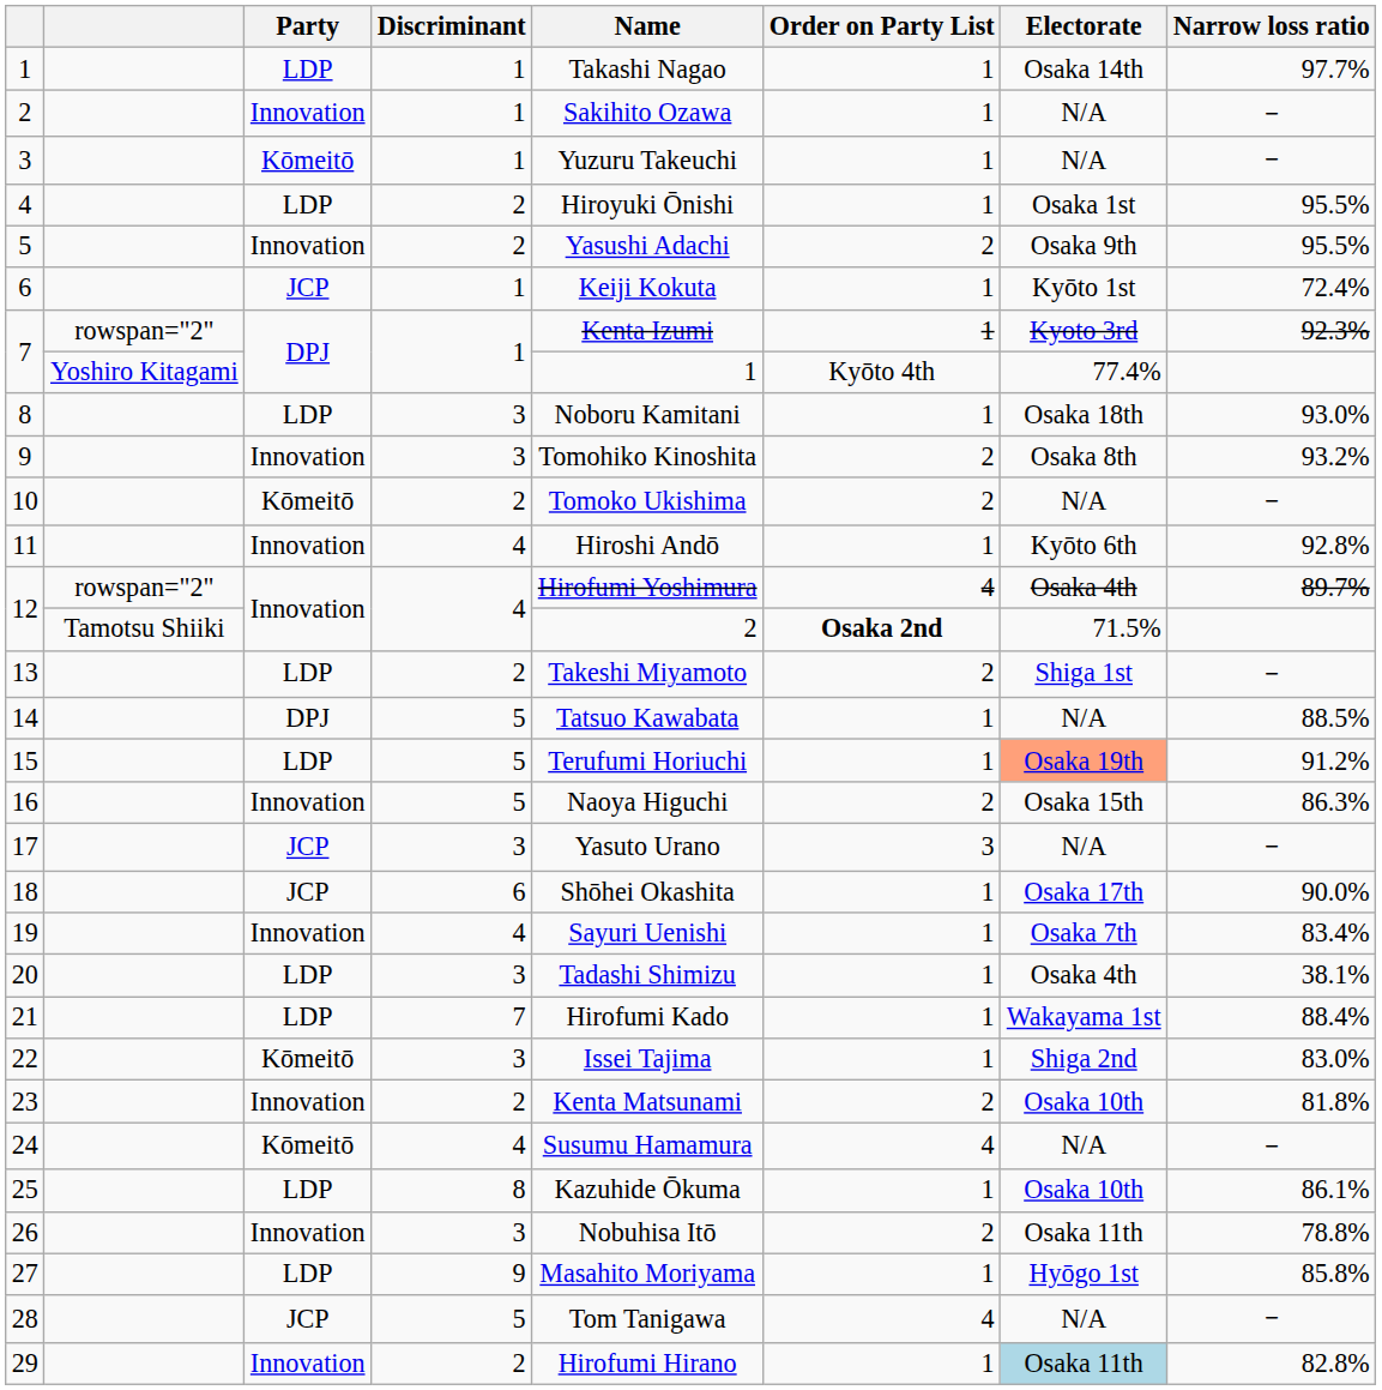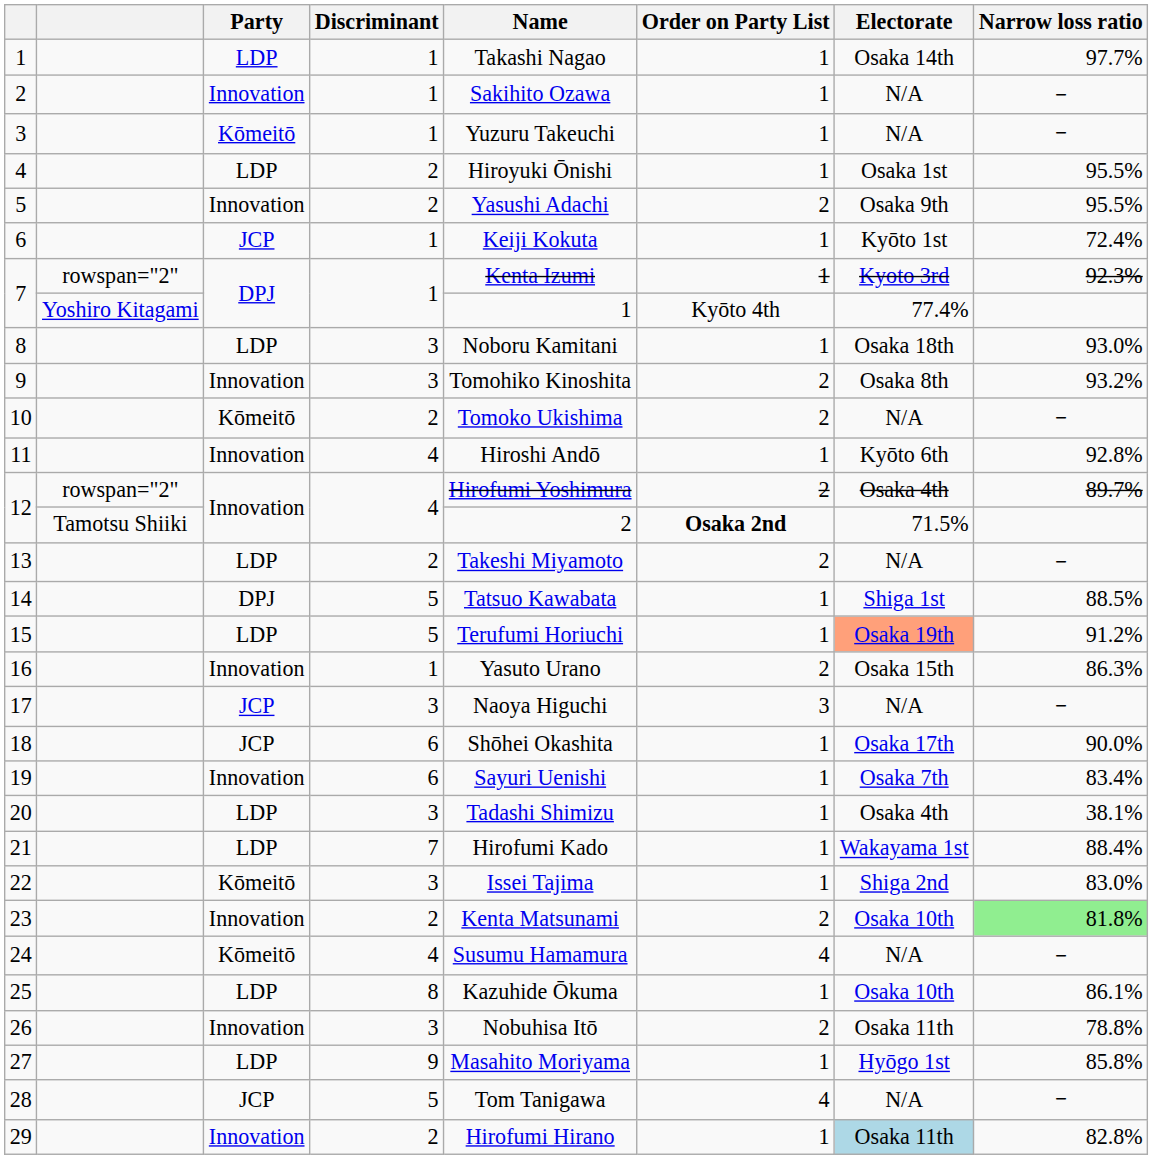 <table class="wikitable sortable" style="text-align:center;">
 <tr>
 <th></th>
 <th></th>
 <th>Party</th>
 <th>Discriminant</th>
 <th>Name</th>
 <th>Order on Party List</th>
 <th>Electorate</th>
 <th>Narrow loss ratio</th>
 </tr>
 <tr>
 <td>1</td>
 <td></td>
 <td><a href='#'>LDP</a></td>
 <td style="text-align: right;">1</td>
 <td>Takashi Nagao</td>
 <td style="text-align: right;">1</td>
 <td>Osaka 14th</td>
 <td style="text-align: right;">97.7%</td>
 </tr>
 <tr>
 <td>2</td>
 <td></td>
 <td><a href='#'>Innovation</a></td>
 <td style="text-align: right;">1</td>
 <td><a href='#'>Sakihito Ozawa</a></td>
 <td style="text-align: right;">1</td>
 <td>N/A</td>
 <td>－</td>
 </tr>
 <tr>
 <td>3</td>
 <td></td>
 <td><a href='#'>Kōmeitō</a></td>
 <td style="text-align: right;">1</td>
 <td>Yuzuru Takeuchi</td>
 <td style="text-align: right;">1</td>
 <td>N/A</td>
 <td>－</td>
 </tr>
 <tr>
 <td>4</td>
 <td></td>
 <td>LDP</td>
 <td style="text-align: right;">2</td>
 <td>Hiroyuki Ōnishi</td>
 <td style="text-align: right;">1</td>
 <td>Osaka 1st</td>
 <td style="text-align: Right;">95.5%</td>
 </tr>
 <tr>
 <td>5</td>
 <td></td>
 <td>Innovation</td>
 <td style="text-align: right;">2</td>
 <td><a href='#'>Yasushi Adachi</a></td>
 <td style="text-align: right;">2</td>
 <td>Osaka 9th</td>
 <td style="text-align: right;">95.5%</td>
 </tr>
 <tr>
 <td>6</td>
 <td></td>
 <td><a href='#'>JCP</a></td>
 <td style="text-align: right;">1</td>
 <td><a href='#'>Keiji Kokuta</a></td>
 <td style="text-align: right;">1</td>
 <td>Kyōto 1st</td>
 <td style="text-align: right;">72.4%</td>
 </tr>
 <tr>
 <td rowspan="2">7</td>
 <td>rowspan="2" </td>
 <td rowspan="2"><a href='#'>DPJ</a></td>
 <td rowspan="2" style="text-align: right;">1</td>
 <td><del><a href='#'>Kenta Izumi</a></del></td>
 <td style="text-align: right;"><del>1</del></td>
 <td><del><a href='#'>Kyoto 3rd</a></del></td>
 <td style="text-align: right;"><del>92.3%</del></td>
 </tr>
 <tr>
 <td><a href='#'>Yoshiro Kitagami</a></td>
 <td style="text-align: right;">1</td>
 <td>Kyōto 4th</td>
 <td style="text-align: right;">77.4%</td>
 </tr>
 <tr>
 <td>8</td>
 <td></td>
 <td>LDP</td>
 <td style="text-align: right;">3</td>
 <td>Noboru Kamitani</td>
 <td style="text-align: right;">1</td>
 <td>Osaka 18th</td>
 <td style="text-align: right;">93.0%</td>
 </tr>
 <tr>
 <td>9</td>
 <td></td>
 <td>Innovation</td>
 <td style="text-align: right;">3</td>
 <td>Tomohiko Kinoshita</td>
 <td style="text-align: right;">2</td>
 <td>Osaka 8th</td>
 <td style="text-align: right;">93.2%</td>
 </tr>
 <tr>
 <td>10</td>
 <td></td>
 <td>Kōmeitō</td>
 <td style="text-align: right;">2</td>
 <td><a href='#'>Tomoko Ukishima</a></td>
 <td style="text-align: right;">2</td>
 <td>N/A</td>
 <td>－</td>
 </tr>
 <tr>
 <td>11</td>
 <td></td>
 <td>Innovation</td>
 <td style="text-align: right;">4</td>
 <td>Hiroshi Andō</td>
 <td style="text-align: right;">1</td>
 <td>Kyōto 6th</td>
 <td style="text-align: right;">92.8%</td>
 </tr>
 <tr>
 <td rowspan="2">12</td>
 <td>rowspan="2" </td>
 <td rowspan="2">Innovation</td>
 <td rowspan="2" style="text-align: right;">4</td>
 <td><del><a href='#'>Hirofumi Yoshimura</a></del></td>
-<td style="text-align: right;"><del>4</del></td>
+<td style="text-align: right;"><del>2</del></td>
 <td><del>Osaka 4th</del></td>
 <td style="text-align: Right;"><del>89.7%</del></td>
 </tr>
 <tr>
 <td>Tamotsu Shiiki</td>
 <td style="text-align: right;">2</td>
 <td><strong>Osaka 2nd</strong></td>
 <td style="text-align: right;">71.5%</td>
 </tr>
 <tr>
 <td>13</td>
 <td></td>
 <td>LDP</td>
 <td style="text-align: right;">2</td>
 <td><a href='#'>Takeshi Miyamoto</a></td>
 <td style="text-align: right;">2</td>
-<td><a href='#'>Shiga 1st</a></td>
+<td>N/A</td>
 <td>－</td>
 </tr>
 <tr>
 <td>14</td>
 <td></td>
 <td>DPJ</td>
 <td style="text-align: right;">5</td>
 <td><a href='#'>Tatsuo Kawabata</a></td>
 <td style="text-align: right;">1</td>
-<td>N/A</td>
+<td><a href='#'>Shiga 1st</a></td>
 <td style="text-align: right;">88.5%</td>
 </tr>
 <tr>
 <td>15</td>
 <td></td>
 <td>LDP</td>
 <td style="text-align: right;">5</td>
 <td><a href='#'>Terufumi Horiuchi</a></td>
 <td style="text-align: right;">1</td>
 <td style="background: lightsalmon;"><a href='#'>Osaka 19th</a></td>
 <td style="text-align: right;">91.2%</td>
 </tr>
 <tr>
 <td>16</td>
 <td></td>
 <td>Innovation</td>
-<td style="text-align: right;">5</td>
-<td>Naoya Higuchi</td>
+<td style="text-align: right;">1</td>
+<td>Yasuto Urano</td>
 <td style="text-align: right;">2</td>
 <td>Osaka 15th</td>
 <td style="text-align: right;">86.3%</td>
 </tr>
 <tr>
 <td>17</td>
 <td></td>
 <td><a href='#'>JCP</a></td>
 <td style="text-align: right;">3</td>
-<td>Yasuto Urano</td>
+<td>Naoya Higuchi</td>
 <td style="text-align: right;">3</td>
 <td>N/A</td>
 <td>－</td>
 </tr>
 <tr>
 <td>18</td>
 <td></td>
 <td>JCP</td>
 <td style="text-align: right;">6</td>
 <td>Shōhei Okashita</td>
 <td style="text-align: right;">1</td>
 <td><a href='#'>Osaka 17th</a></td>
 <td style="text-align: right;">90.0%</td>
 </tr>
 <tr>
 <td>19</td>
 <td></td>
 <td>Innovation</td>
-<td style="text-align: right;">4</td>
+<td style="text-align: right;">6</td>
 <td><a href='#'>Sayuri Uenishi</a></td>
 <td style="text-align: right;">1</td>
 <td><a href='#'>Osaka 7th</a></td>
 <td style="text-align: right;">83.4%</td>
 </tr>
 <tr>
 <td>20</td>
 <td></td>
 <td>LDP</td>
 <td style="text-align: right;">3</td>
 <td><a href='#'>Tadashi Shimizu</a></td>
 <td style="text-align: right;">1</td>
 <td>Osaka 4th</td>
 <td style="text-align: Right;">38.1%</td>
 </tr>
 <tr>
 <td>21</td>
 <td></td>
 <td>LDP</td>
 <td style="text-align: right;">7</td>
 <td>Hirofumi Kado</td>
 <td style="text-align: right;">1</td>
 <td><a href='#'>Wakayama 1st</a></td>
 <td style="text-align: right;">88.4%</td>
 </tr>
 <tr>
 <td>22</td>
 <td></td>
 <td>Kōmeitō</td>
 <td style="text-align: right;">3</td>
 <td><a href='#'>Issei Tajima</a></td>
 <td style="text-align: right;">1</td>
 <td><a href='#'>Shiga 2nd</a></td>
 <td style="text-align: right;">83.0%</td>
 </tr>
 <tr>
 <td>23</td>
 <td></td>
 <td>Innovation</td>
 <td style="text-align: right;">2</td>
 <td><a href='#'>Kenta Matsunami</a></td>
 <td style="text-align: right;">2</td>
 <td><a href='#'>Osaka 10th</a></td>
-<td style="text-align: right;">81.8%</td>
+<td style="background: lightgreen; text-align: right;">81.8%</td>
 </tr>
 <tr>
 <td>24</td>
 <td></td>
 <td>Kōmeitō</td>
 <td style="text-align: right;">4</td>
 <td><a href='#'>Susumu Hamamura</a></td>
 <td style="text-align: right;">4</td>
 <td>N/A</td>
 <td>－</td>
 </tr>
 <tr>
 <td>25</td>
 <td></td>
 <td>LDP</td>
 <td style="text-align: right;">8</td>
 <td>Kazuhide Ōkuma</td>
 <td style="text-align: right;">1</td>
 <td><a href='#'>Osaka 10th</a></td>
 <td style="text-align: right;">86.1%</td>
 </tr>
 <tr>
 <td>26</td>
 <td></td>
 <td>Innovation</td>
 <td style="text-align: right;">3</td>
 <td>Nobuhisa Itō</td>
 <td style="text-align: right;">2</td>
 <td>Osaka 11th</td>
 <td style="text-align: right;">78.8%</td>
 </tr>
 <tr>
 <td>27</td>
 <td></td>
 <td>LDP</td>
 <td style="text-align: right;">9</td>
 <td><a href='#'>Masahito Moriyama</a></td>
 <td style="text-align: right;">1</td>
 <td><a href='#'>Hyōgo 1st</a></td>
 <td style="text-align: right;">85.8%</td>
 </tr>
 <tr>
 <td>28</td>
 <td></td>
 <td>JCP</td>
 <td style="text-align: right;">5</td>
 <td>Tom Tanigawa</td>
 <td style="text-align: right;">4</td>
 <td>N/A</td>
 <td>－</td>
 </tr>
 <tr>
 <td>29</td>
 <td></td>
 <td><a href='#'>Innovation</a></td>
 <td style="text-align: right;">2</td>
 <td><a href='#'>Hirofumi Hirano</a></td>
 <td style="text-align: right;">1</td>
 <td style="background: lightblue;">Osaka 11th</td>
 <td style="text-align: right;">82.8%</td>
 </tr>
 </table>
